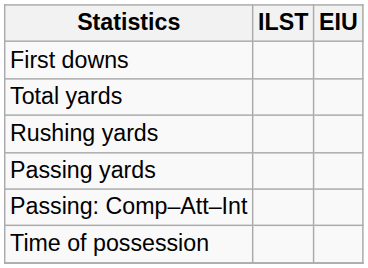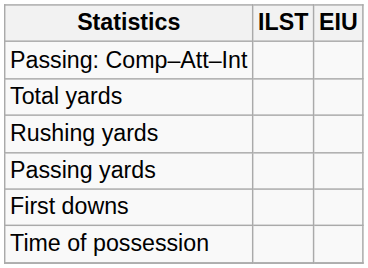 <table class="wikitable" style="float: left;">
 <tr>
 <th>Statistics</th>
 <th>ILST</th>
 <th>EIU</th>
 </tr>
 <tr>
-<td>First downs</td>
+<td>Passing: Comp–Att–Int</td>
 <td></td>
 <td></td>
 </tr>
 <tr>
 <td>Total yards</td>
 <td></td>
 <td></td>
 </tr>
 <tr>
 <td>Rushing yards</td>
 <td></td>
 <td></td>
 </tr>
 <tr>
 <td>Passing yards</td>
 <td></td>
 <td></td>
 </tr>
 <tr>
-<td>Passing: Comp–Att–Int</td>
+<td>First downs</td>
 <td></td>
 <td></td>
 </tr>
 <tr>
 <td>Time of possession</td>
 <td></td>
 <td></td>
 </tr>
 <tr>
 </tr>
 </table>
